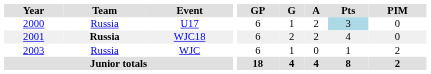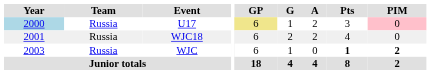 <table border="0" cellpadding="1" cellspacing="0" ID="Table3" style="text-align:center; width:40em">
 <tr bgcolor="#e0e0e0">
 <th>Year</th>
 <th>Team</th>
 <th>Event</th>
 <th rowspan="102" bgcolor="#ffffff"></th>
 <th>GP</th>
 <th>G</th>
 <th>A</th>
 <th>Pts</th>
 <th>PIM</th>
 </tr>
 <tr>
-<td><a href='#'>2000</a></td>
+<td style="background: lightblue;"><a href='#'>2000</a></td>
 <td><a href='#'>Russia</a></td>
 <td><a href='#'>U17</a></td>
-<td>6</td>
+<td style="background: khaki;">6</td>
 <td>1</td>
 <td>2</td>
-<td style="background: lightblue;">3</td>
-<td>0</td>
+<td>3</td>
+<td style="background: pink;">0</td>
 </tr>
 <tr bgcolor="#f0f0f0">
 <td><a href='#'>2001</a></td>
-<td><strong>Russia</strong></td>
+<td>Russia</td>
 <td><a href='#'>WJC18</a></td>
 <td>6</td>
 <td>2</td>
 <td>2</td>
 <td>4</td>
 <td>0</td>
 </tr>
 <tr>
 <td><a href='#'>2003</a></td>
 <td><a href='#'>Russia</a></td>
 <td><a href='#'>WJC</a></td>
 <td>6</td>
 <td>1</td>
 <td>0</td>
-<td>1</td>
-<td>2</td>
+<td><strong>1</strong></td>
+<td><strong>2</strong></td>
 </tr>
 <tr bgcolor="#e0e0e0">
 <th colspan="3">Junior totals</th>
 <th>18</th>
 <th>4</th>
 <th>4</th>
 <th>8</th>
 <th>2</th>
 </tr>
 </table>
